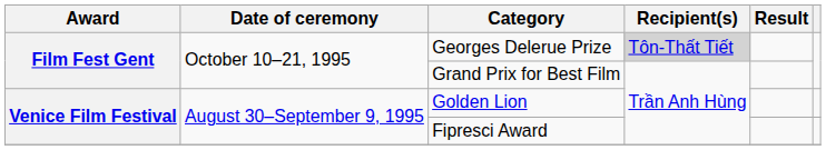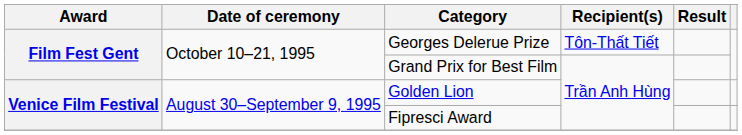 <table class="wikitable sortable plainrowheaders">
 <tr>
 <th scope="col">Award</th>
 <th scope="col">Date of ceremony</th>
 <th scope="col">Category</th>
 <th scope="col">Recipient(s)</th>
 <th scope="col">Result</th>
 <th scope="col" class="unsortable"></th>
 </tr>
 <tr>
 <th rowspan="2" scope="row"><a href='#'>Film Fest Gent</a></th>
 <td rowspan="2">October 10–21, 1995</td>
 <td>Georges Delerue Prize</td>
-<td style="background: lightgrey;"><a href='#'>Tôn-Thất Tiết</a></td>
+<td><a href='#'>Tôn-Thất Tiết</a></td>
 <td></td>
 <td style="text-align:center;" rowspan="2"></td>
 </tr>
 <tr>
 <td>Grand Prix for Best Film</td>
 <td rowspan="3"><a href='#'>Trần Anh Hùng</a></td>
 <td></td>
 </tr>
 <tr>
 <th rowspan="2" scope="row"><a href='#'>Venice Film Festival</a></th>
 <td rowspan="2"><a href='#'>August 30–September 9, 1995</a></td>
 <td><a href='#'>Golden Lion</a></td>
 <td></td>
 <td style="text-align:center;"></td>
 </tr>
 <tr>
 <td>Fipresci Award</td>
 <td></td>
 <td style="text-align:center;"></td>
 </tr>
 <tr>
 </tr>
 </table>
